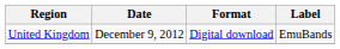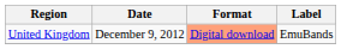 <table class=wikitable>
 <tr>
 <th>Region</th>
 <th>Date</th>
 <th>Format</th>
 <th>Label</th>
 </tr>
 <tr>
 <td><a href='#'>United Kingdom</a></td>
 <td>December 9, 2012</td>
-<td><a href='#'>Digital download</a></td>
+<td style="background: lightsalmon;"><a href='#'>Digital download</a></td>
 <td>EmuBands</td>
 </tr>
 <tr>
 </tr>
 </table>
